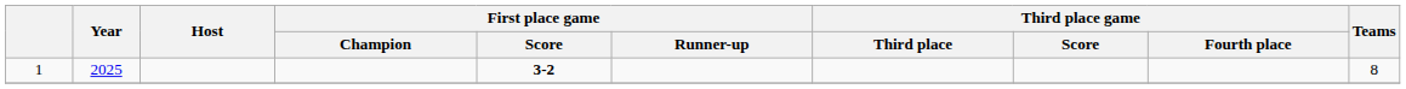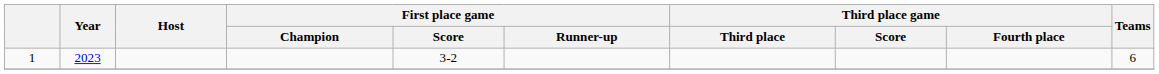 <table class="wikitable" style="font-size:90%; text-align:center; width:100%;">
 <tr>
 <th rowspan="2" style="width:5%;"></th>
 <th rowspan="2" style="width:5%;">Year</th>
 <th rowspan="2" style="width:10%;">Host</th>
 <th colspan="3">First place game</th>
 <th colspan="3">Third place game</th>
 <th rowspan="2" style="width:5%;">Teams</th>
 </tr>
 <tr>
 <th style="width:15%;"> Champion</th>
 <th style="width:10%;">Score</th>
 <th style="width:15%;"> Runner-up</th>
 <th style="width:15%;"> Third place</th>
 <th style="width:10%;">Score</th>
 <th style="width:15%;"> Fourth place</th>
 </tr>
 <tr>
 <td>1</td>
-<td><a href='#'>2025</a></td>
+<td><a href='#'>2023</a></td>
 <td style="text-align:left"></td>
 <td></td>
-<td><strong>3-2</strong></td>
+<td>3-2</td>
 <td></td>
 <td></td>
 <td></td>
 <td></td>
-<td>8</td>
+<td>6</td>
 </tr>
 <tr>
 </tr>
 </table>
